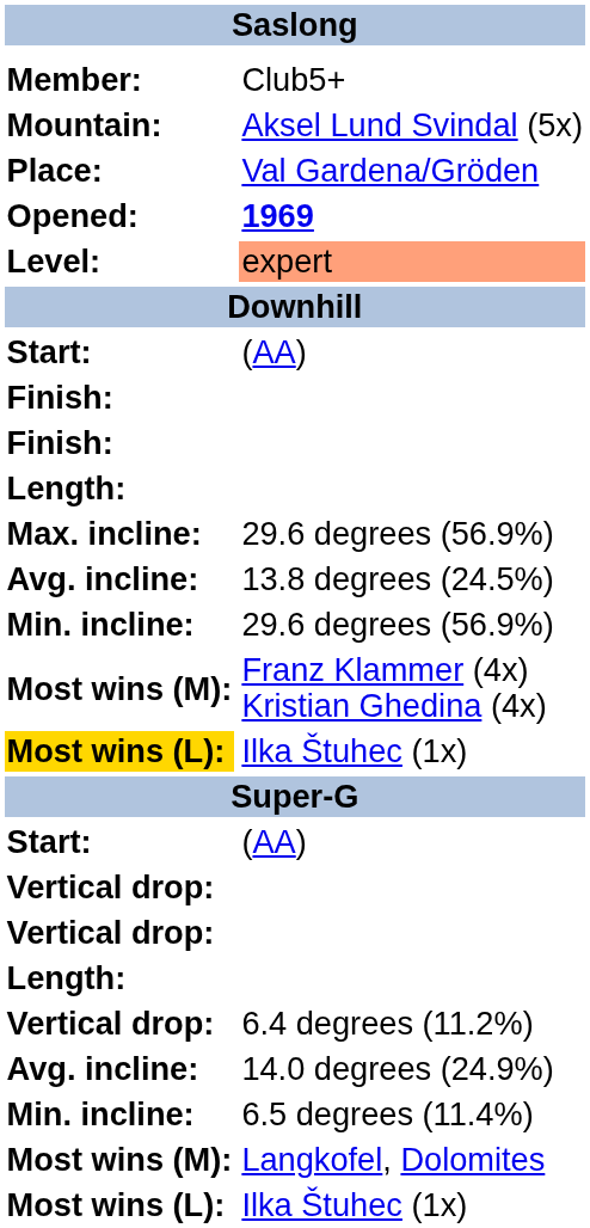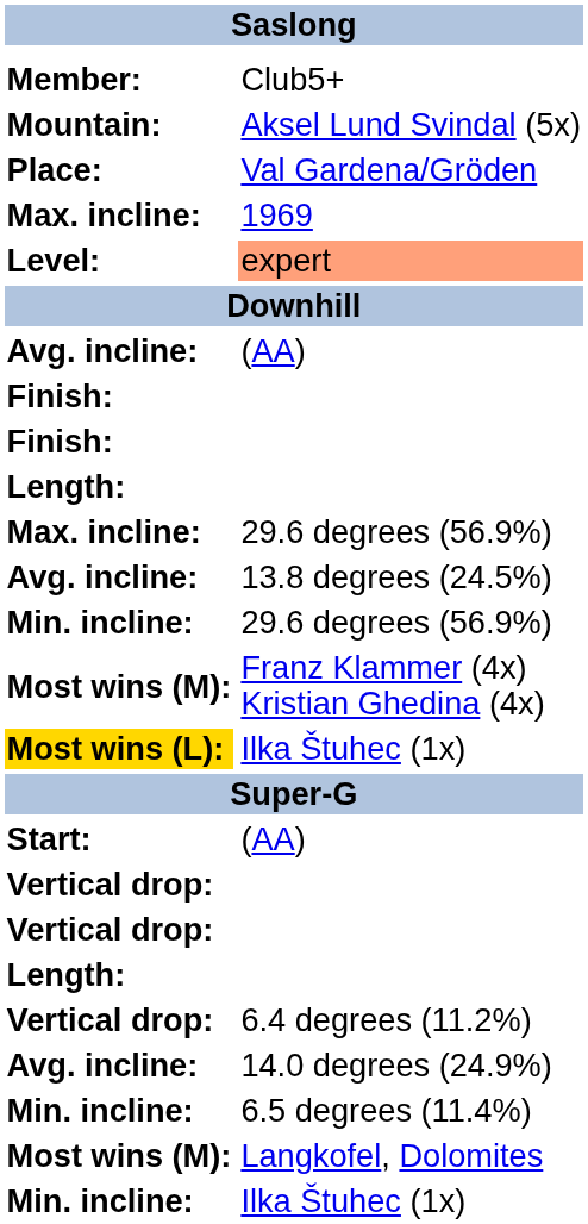 <table border=0 class="toccolours float-right" align="right" style="margin:0 0 0.5em 1em; font-size: 85%;">
 <tr>
 <th bgcolor=#b0c4de colspan=2 align="center">Saslong</th>
 </tr>
 <tr>
 <td align="center" colspan=2></td>
 </tr>
 <tr>
 <td><strong>Member:</strong></td>
 <td>Club5+</td>
 </tr>
 <tr>
 <td><strong>Mountain:</strong></td>
 <td> <a href='#'>Aksel Lund Svindal</a> (5x)</td>
 </tr>
 <tr>
 <td><strong>Place:</strong></td>
 <td> <a href='#'>Val Gardena/Gröden</a></td>
 </tr>
 <tr>
-<td><strong>Opened:</strong></td>
-<td><strong><a href='#'>1969</a></strong></td>
+<td><strong>Max. incline:</strong></td>
+<td><a href='#'>1969</a></td>
 </tr>
 <tr>
 <td><strong>Level:</strong></td>
 <td style="background: lightsalmon;"> expert</td>
 </tr>
 <tr>
 <th bgcolor=#b0c4de colspan=2 align="center">Downhill</th>
 </tr>
 <tr>
-<td><strong>Start:</strong></td>
+<td><strong>Avg. incline:</strong></td>
 <td> (<a href='#'>AA</a>)</td>
 </tr>
 <tr>
 <td><strong>Finish:</strong></td>
 <td></td>
 </tr>
 <tr>
 <td><strong>Finish:</strong></td>
 <td></td>
 </tr>
 <tr>
 <td><strong>Length:</strong></td>
 <td></td>
 </tr>
 <tr>
 <td><strong>Max. incline:</strong></td>
 <td>29.6 degrees (56.9%)</td>
 </tr>
 <tr>
 <td><strong>Avg. incline:</strong></td>
 <td>13.8 degrees (24.5%)</td>
 </tr>
 <tr>
 <td><strong>Min. incline:</strong></td>
 <td>29.6 degrees (56.9%)</td>
 </tr>
 <tr>
 <td><strong>Most wins (M):</strong></td>
 <td> <a href='#'>Franz Klammer</a> (4x)<br> <a href='#'>Kristian Ghedina</a> (4x)</td>
 </tr>
 <tr>
 <td style="background: gold;"><strong>Most wins (L):</strong></td>
 <td> <a href='#'>Ilka Štuhec</a> (1x)</td>
 </tr>
 <tr>
 <th bgcolor=#b0c4de colspan=2 align="center">Super-G</th>
 </tr>
 <tr>
 <td><strong>Start:</strong></td>
 <td> (<a href='#'>AA</a>)</td>
 </tr>
 <tr>
 <td><strong>Vertical drop:</strong></td>
 <td></td>
 </tr>
 <tr>
 <td><strong>Vertical drop:</strong></td>
 <td></td>
 </tr>
 <tr>
 <td><strong>Length:</strong></td>
 <td></td>
 </tr>
 <tr>
 <td><strong>Vertical drop:</strong></td>
 <td>6.4 degrees (11.2%)</td>
 </tr>
 <tr>
 <td><strong>Avg. incline:</strong></td>
 <td>14.0 degrees (24.9%)</td>
 </tr>
 <tr>
 <td><strong>Min. incline:</strong></td>
 <td>6.5 degrees (11.4%)</td>
 </tr>
 <tr>
 <td><strong>Most wins (M):</strong></td>
 <td><a href='#'>Langkofel</a>, <a href='#'>Dolomites</a></td>
 </tr>
 <tr>
-<td><strong>Most wins (L):</strong></td>
+<td><strong>Min. incline:</strong></td>
 <td> <a href='#'>Ilka Štuhec</a> (1x)</td>
 </tr>
 </table>
